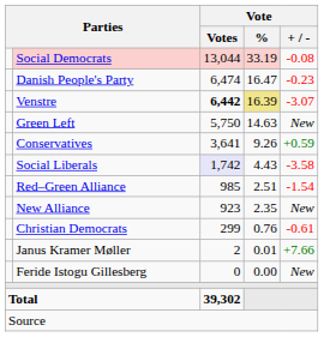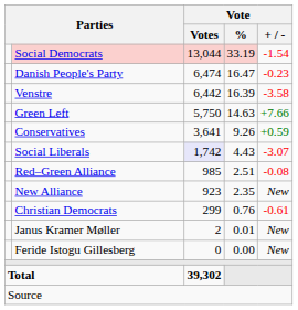 <table class="wikitable" style="text-align:right;">
 <tr>
 <th style="text-align:centre;" rowspan="2" colspan="2" width="225">Parties</th>
 <th colspan="3">Vote</th>
 </tr>
 <tr>
 <th width="15">Votes</th>
 <th width="15">%</th>
 <th width="15">+ / -</th>
 </tr>
 <tr>
 <td width="2" style="color:inherit;background:"></td>
 <td bgcolor=#fbd0ce  align="left"><a href='#'>Social Democrats</a></td>
 <td bgcolor=#fbd0ce>13,044</td>
 <td bgcolor=#fbd0ce>33.19</td>
-<td style=color:red;>-0.08</td>
+<td style=color:red;>-1.54</td>
 </tr>
 <tr>
 <td width="2" style="color:inherit;background:"></td>
 <td align="left"><a href='#'>Danish People's Party</a></td>
 <td>6,474</td>
 <td>16.47</td>
 <td style=color:red;>-0.23</td>
 </tr>
 <tr>
 <td width="2" style="color:inherit;background:"></td>
 <td align="left"><a href='#'>Venstre</a></td>
-<td><strong>6,442</strong></td>
-<td style="background: khaki;">16.39</td>
-<td style=color:red;>-3.07</td>
+<td>6,442</td>
+<td>16.39</td>
+<td style=color:red;>-3.58</td>
 </tr>
 <tr>
 <td width="2" style="color:inherit;background:"></td>
 <td align="left"><a href='#'>Green Left</a></td>
 <td>5,750</td>
 <td>14.63</td>
-<td><em>New</em></td>
+<td style=color:green;>+7.66</td>
 </tr>
 <tr>
 <td width="2" style="color:inherit;background:"></td>
 <td align="left"><a href='#'>Conservatives</a></td>
 <td>3,641</td>
 <td>9.26</td>
 <td style=color:green;>+0.59</td>
 </tr>
 <tr>
 <td width="2" style="color:inherit;background:"></td>
 <td align="left"><a href='#'>Social Liberals</a></td>
 <td style="background: lavender;">1,742</td>
 <td>4.43</td>
-<td style=color:red;>-3.58</td>
+<td style=color:red;>-3.07</td>
 </tr>
 <tr>
 <td width="2" style="color:inherit;background:"></td>
 <td align="left"><a href='#'>Red–Green Alliance</a></td>
 <td>985</td>
 <td>2.51</td>
-<td style=color:red;>-1.54</td>
+<td style=color:red;>-0.08</td>
 </tr>
 <tr>
 <td width="2" style="color:inherit;background:"></td>
 <td align="left"><a href='#'>New Alliance</a></td>
 <td>923</td>
 <td>2.35</td>
 <td><em>New</em></td>
 </tr>
 <tr>
 <td width="2" style="color:inherit;background:"></td>
 <td align="left"><a href='#'>Christian Democrats</a></td>
 <td>299</td>
 <td>0.76</td>
 <td style=color:red;>-0.61</td>
 </tr>
 <tr>
 <td width="2" style="color:inherit;background:"></td>
 <td align="left">Janus Kramer Møller</td>
 <td>2</td>
 <td>0.01</td>
-<td style=color:green;>+7.66</td>
+<td><em>New</em></td>
 </tr>
 <tr>
 <td width="2" style="color:inherit;background:"></td>
 <td align="left">Feride Istogu Gillesberg</td>
 <td>0</td>
 <td>0.00</td>
 <td><em>New</em></td>
 </tr>
 <tr>
 <td colspan="7" bgcolor="#E9E9E9"></td>
 </tr>
 <tr>
 <td align="left" colspan="2"><strong>Total</strong></td>
 <td><strong>39,302</strong></td>
 <td bgcolor="#E9E9E9" colspan="2"></td>
 </tr>
 <tr>
 <td align="left" colspan="6">Source</td>
 </tr>
 </table>
